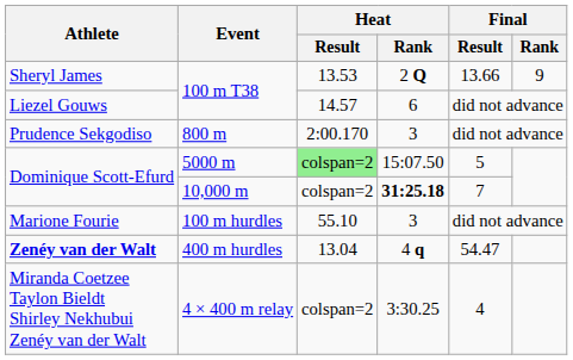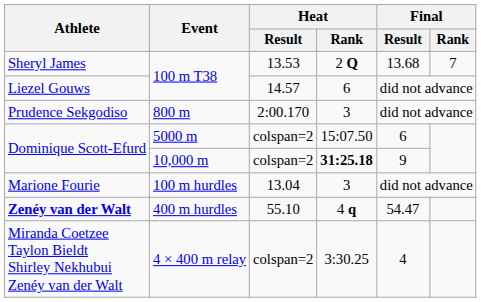 <table class="wikitable" style="font-size:90%; text-align:center">
 <tr>
 <th rowspan=2>Athlete</th>
 <th rowspan=2>Event</th>
 <th colspan=2>Heat</th>
 <th colspan=2>Final</th>
 </tr>
 <tr style="font-size:95%">
 <th>Result</th>
 <th>Rank</th>
 <th>Result</th>
 <th>Rank</th>
 </tr>
 <tr>
 <td align=left><a href='#'>Sheryl James</a></td>
 <td align=left rowspan=2><a href='#'>100 m T38</a></td>
 <td>13.53</td>
 <td>2 <strong>Q</strong></td>
-<td>13.66</td>
-<td>9</td>
+<td>13.68</td>
+<td>7</td>
 </tr>
 <tr>
 <td align=left><a href='#'>Liezel Gouws</a></td>
 <td>14.57</td>
 <td>6</td>
 <td colspan=2>did not advance</td>
 </tr>
 <tr>
 <td align=left><a href='#'>Prudence Sekgodiso</a></td>
 <td align=left><a href='#'>800 m</a></td>
 <td>2:00.170</td>
 <td>3</td>
 <td colspan=2>did not advance</td>
 </tr>
 <tr>
 <td align=left rowspan=2><a href='#'>Dominique Scott-Efurd</a></td>
 <td align=left><a href='#'>5000 m</a></td>
-<td style="background: lightgreen;">colspan=2 </td>
+<td>colspan=2 </td>
 <td>15:07.50</td>
-<td>5</td>
+<td>6</td>
 </tr>
 <tr>
 <td align=left><a href='#'>10,000 m</a></td>
 <td>colspan=2 </td>
 <td><strong>31:25.18</strong></td>
-<td>7</td>
+<td>9</td>
 </tr>
 <tr>
 <td align=left><a href='#'>Marione Fourie</a></td>
 <td align=left><a href='#'>100 m hurdles</a></td>
-<td>55.10</td>
+<td>13.04</td>
 <td>3</td>
 <td colspan=2>did not advance</td>
 </tr>
 <tr>
 <td align=left><strong><a href='#'>Zenéy van der Walt</a></strong></td>
 <td align=left><a href='#'>400 m hurdles</a></td>
-<td>13.04</td>
+<td>55.10</td>
 <td>4 <strong>q</strong></td>
 <td>54.47</td>
 <td></td>
 </tr>
 <tr>
 <td align=left><a href='#'>Miranda Coetzee</a><br><a href='#'>Taylon Bieldt</a><br><a href='#'>Shirley Nekhubui</a><br><a href='#'>Zenéy van der Walt</a></td>
 <td align=left><a href='#'>4 × 400 m relay</a></td>
 <td>colspan=2 </td>
 <td>3:30.25</td>
 <td>4</td>
 </tr>
 </table>
